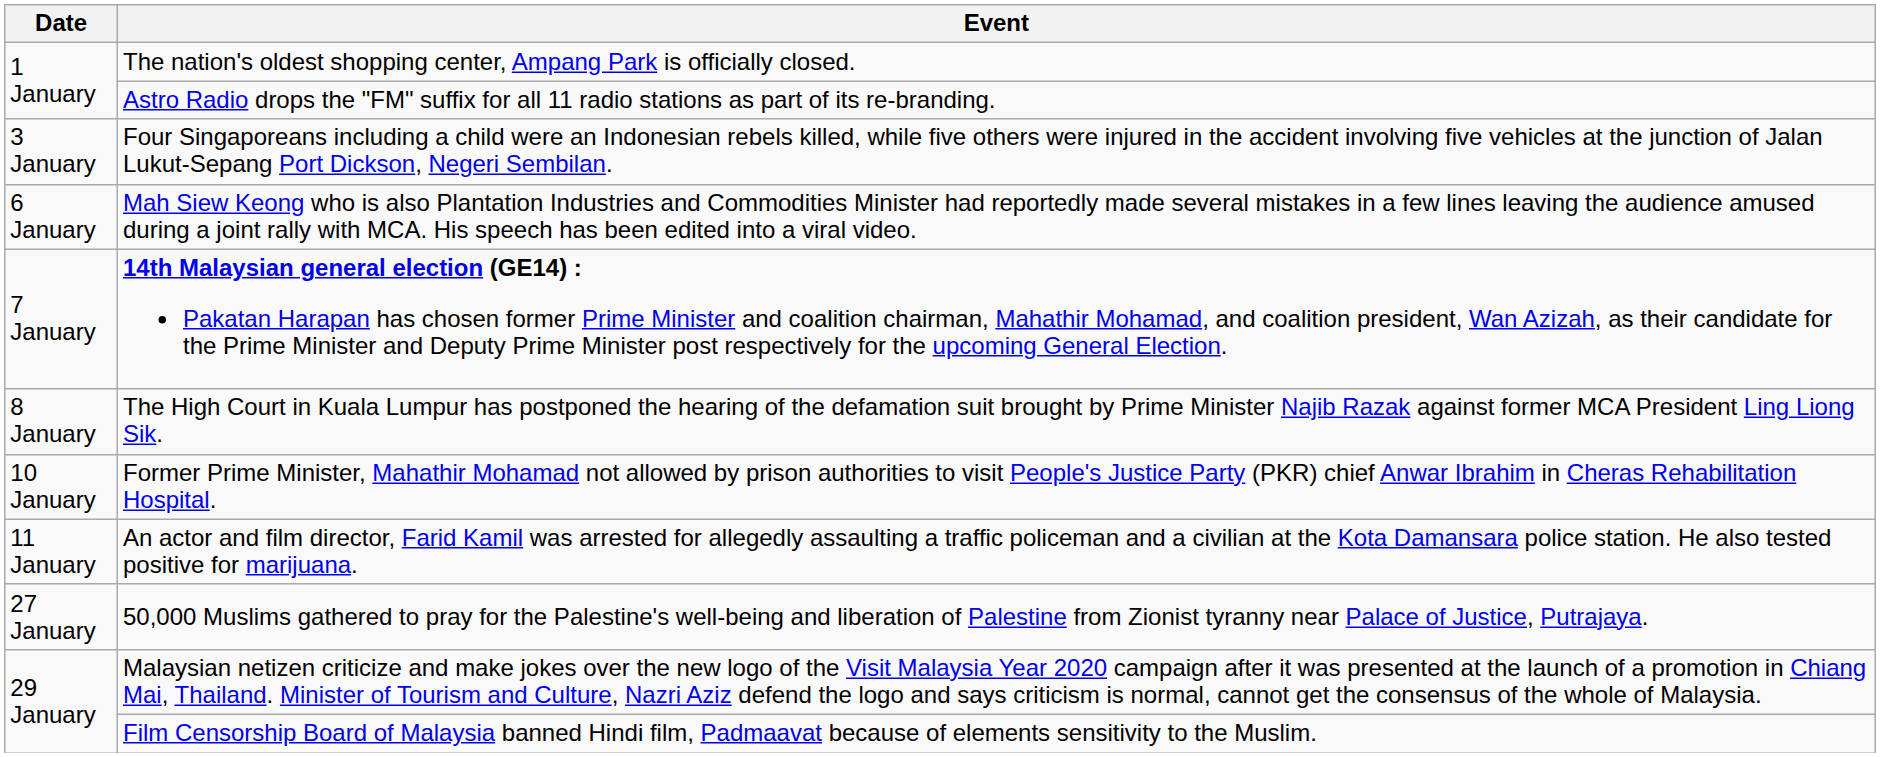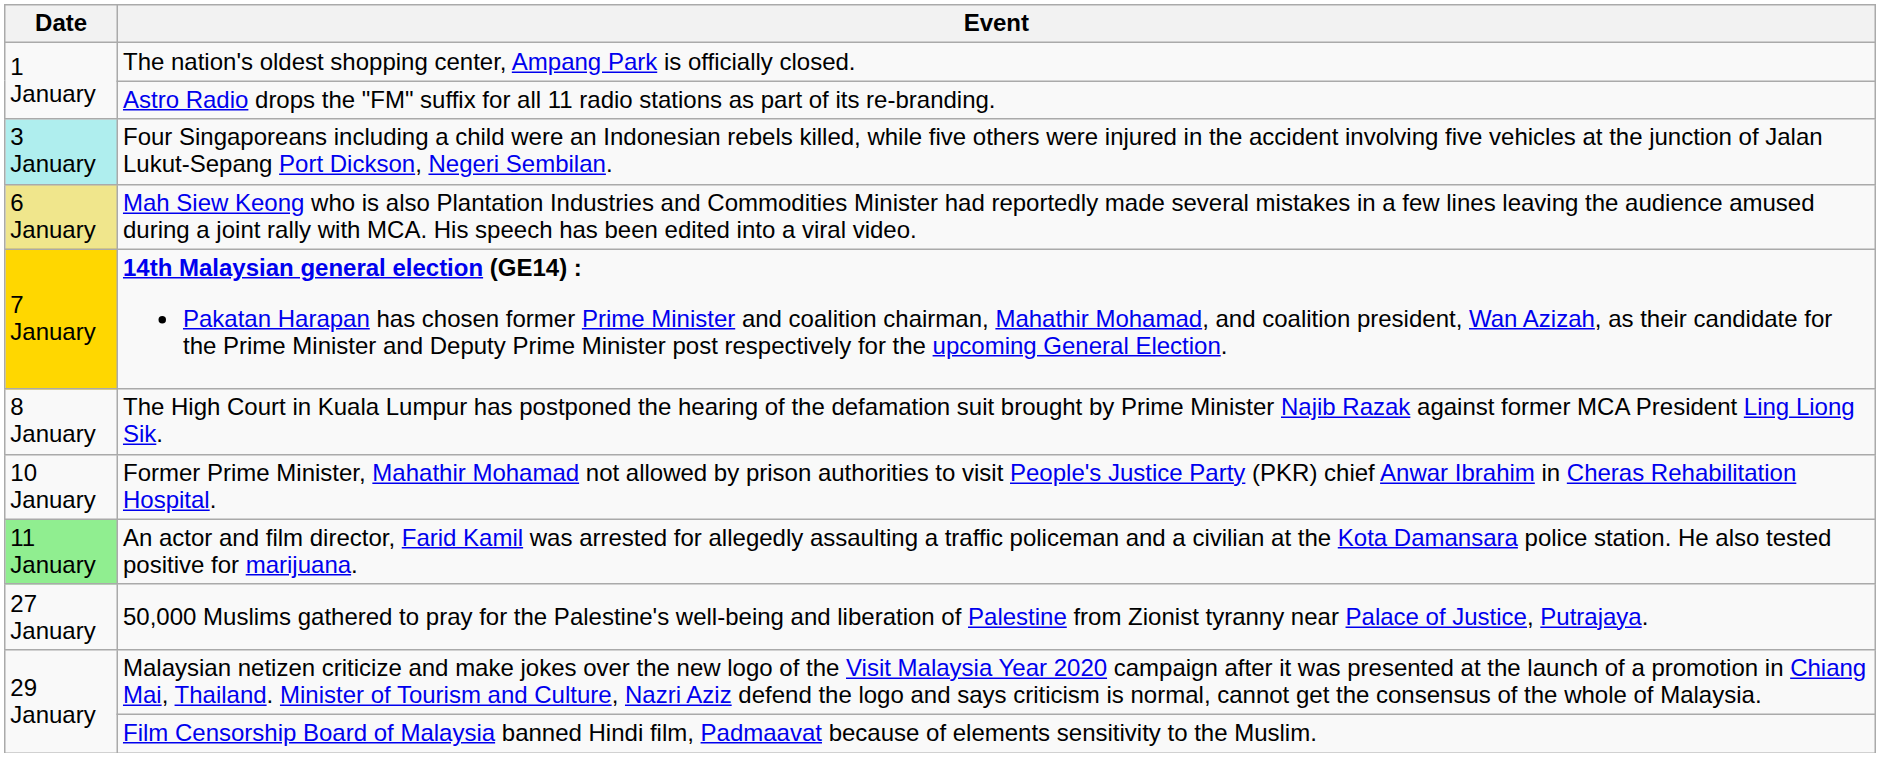 <table class="wikitable">
 <tr>
 <th>Date</th>
 <th>Event</th>
 </tr>
 <tr>
 <td rowspan="2">1 January</td>
 <td>The nation's oldest shopping center, <a href='#'>Ampang Park</a> is officially closed.</td>
 </tr>
 <tr>
 <td><a href='#'>Astro Radio</a> drops the "FM" suffix for all 11 radio stations as part of its re-branding.</td>
 </tr>
 <tr>
-<td>3 January</td>
+<td style="background: paleturquoise;">3 January</td>
 <td>Four Singaporeans including a child were an Indonesian rebels killed, while five others were injured in the accident involving five vehicles at the junction of Jalan Lukut-Sepang <a href='#'>Port Dickson</a>, <a href='#'>Negeri Sembilan</a>.</td>
 </tr>
 <tr>
-<td>6 January</td>
+<td style="background: khaki;">6 January</td>
 <td><a href='#'>Mah Siew Keong</a> who is also Plantation Industries and Commodities Minister had reportedly made several mistakes in a few lines leaving the audience amused during a joint rally with MCA. His speech has been edited into a viral video.</td>
 </tr>
 <tr>
-<td>7 January</td>
+<td style="background: gold;">7 January</td>
 <td><strong><a href='#'>14th Malaysian general election</a> (GE14) :</strong><br><ul><li><a href='#'>Pakatan Harapan</a> has chosen former <a href='#'>Prime Minister</a> and coalition chairman, <a href='#'>Mahathir Mohamad</a>, and coalition president, <a href='#'>Wan Azizah</a>, as their candidate for the Prime Minister and Deputy Prime Minister post respectively for the <a href='#'>upcoming General Election</a>.</li></ul></td>
 </tr>
 <tr>
 <td>8 January</td>
 <td>The High Court in Kuala Lumpur has postponed the hearing of the defamation suit brought by Prime Minister <a href='#'>Najib Razak</a> against former MCA President <a href='#'>Ling Liong Sik</a>.</td>
 </tr>
 <tr>
 <td>10 January</td>
 <td>Former Prime Minister, <a href='#'>Mahathir Mohamad</a> not allowed by prison authorities to visit <a href='#'>People's Justice Party</a> (PKR) chief <a href='#'>Anwar Ibrahim</a> in <a href='#'>Cheras Rehabilitation Hospital</a>.</td>
 </tr>
 <tr>
-<td>11 January</td>
+<td style="background: lightgreen;">11 January</td>
 <td>An actor and film director, <a href='#'>Farid Kamil</a> was arrested for allegedly assaulting a traffic policeman and a civilian at the <a href='#'>Kota Damansara</a> police station. He also tested positive for <a href='#'>marijuana</a>.</td>
 </tr>
 <tr>
 <td>27 January</td>
 <td>50,000 Muslims gathered to pray for the Palestine's well-being and liberation of <a href='#'>Palestine</a> from Zionist tyranny near <a href='#'>Palace of Justice</a>, <a href='#'>Putrajaya</a>.</td>
 </tr>
 <tr>
 <td rowspan="2">29 January</td>
 <td>Malaysian netizen criticize and make jokes over the new logo of the <a href='#'>Visit Malaysia Year 2020</a> campaign after it was presented at the launch of a promotion in <a href='#'>Chiang Mai</a>, <a href='#'>Thailand</a>. <a href='#'>Minister of Tourism and Culture</a>, <a href='#'>Nazri Aziz</a> defend the logo and says criticism is normal, cannot get the consensus of the whole of Malaysia.</td>
 </tr>
 <tr>
 <td><a href='#'>Film Censorship Board of Malaysia</a> banned Hindi film, <a href='#'>Padmaavat</a> because of elements sensitivity to the Muslim.</td>
 </tr>
 </table>
